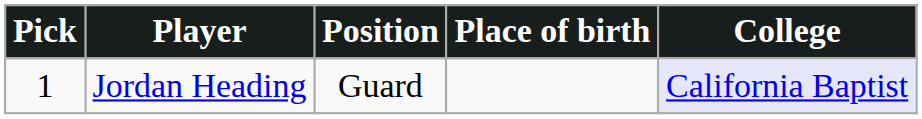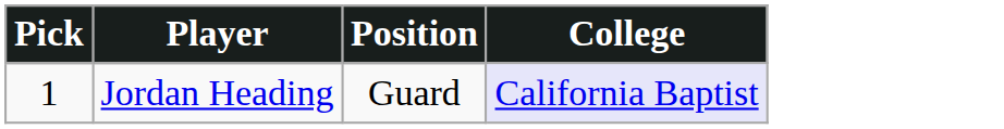 <table class="wikitable sortable sortable" style="text-align: center">
 <tr>
 <th style="background:#181E1C; color:#FFFFFF; ">Pick</th>
 <th style="background:#181E1C; color:#FFFFFF; ">Player</th>
 <th style="background:#181E1C; color:#FFFFFF; ">Position</th>
-<th style="background:#181E1C; color:#FFFFFF; ">Place of birth</th>
 <th style="background:#181E1C; color:#FFFFFF; ">College</th>
 </tr>
 <tr>
 <td>1</td>
 <td><a href='#'>Jordan Heading</a></td>
 <td>Guard</td>
-<td></td>
 <td style="background: lavender;"><a href='#'>California Baptist</a></td>
 </tr>
 </table>
